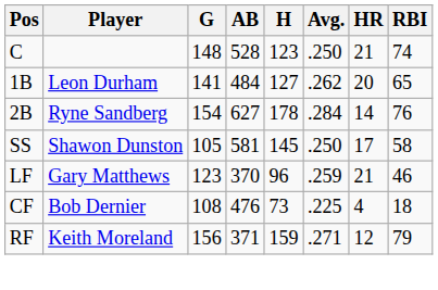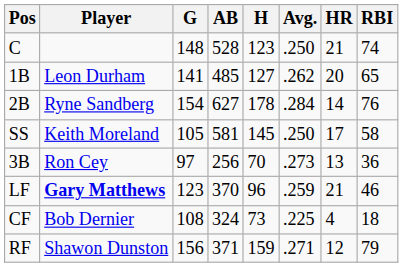 <table class="wikitable sortable">
 <tr>
 <th>Pos</th>
 <th>Player</th>
 <th>G</th>
 <th>AB</th>
 <th>H</th>
 <th>Avg.</th>
 <th>HR</th>
 <th>RBI</th>
 </tr>
 <tr>
 <td>C</td>
 <td></td>
 <td>148</td>
 <td>528</td>
 <td>123</td>
 <td>.250</td>
 <td>21</td>
 <td>74</td>
 </tr>
 <tr>
 <td>1B</td>
 <td><a href='#'>Leon Durham</a></td>
 <td>141</td>
-<td>484</td>
+<td>485</td>
 <td>127</td>
 <td>.262</td>
 <td>20</td>
 <td>65</td>
 </tr>
 <tr>
 <td>2B</td>
 <td><a href='#'>Ryne Sandberg</a></td>
 <td>154</td>
 <td>627</td>
 <td>178</td>
 <td>.284</td>
 <td>14</td>
 <td>76</td>
 </tr>
 <tr>
 <td>SS</td>
-<td><a href='#'>Shawon Dunston</a></td>
+<td><a href='#'>Keith Moreland</a></td>
 <td>105</td>
 <td>581</td>
 <td>145</td>
 <td>.250</td>
 <td>17</td>
 <td>58</td>
 </tr>
 <tr>
+<td>3B</td>
+<td><a href='#'>Ron Cey</a></td>
+<td>97</td>
+<td>256</td>
+<td>70</td>
+<td>.273</td>
+<td>13</td>
+<td>36</td>
+</tr>
+<tr>
 <td>LF</td>
-<td><a href='#'>Gary Matthews</a></td>
+<td><strong><a href='#'>Gary Matthews</a></strong></td>
 <td>123</td>
 <td>370</td>
 <td>96</td>
 <td>.259</td>
 <td>21</td>
 <td>46</td>
 </tr>
 <tr>
 <td>CF</td>
 <td><a href='#'>Bob Dernier</a></td>
 <td>108</td>
-<td>476</td>
+<td>324</td>
 <td>73</td>
 <td>.225</td>
 <td>4</td>
 <td>18</td>
 </tr>
 <tr>
 <td>RF</td>
-<td><a href='#'>Keith Moreland</a></td>
+<td><a href='#'>Shawon Dunston</a></td>
 <td>156</td>
 <td>371</td>
 <td>159</td>
 <td>.271</td>
 <td>12</td>
 <td>79</td>
 </tr>
 </table>
